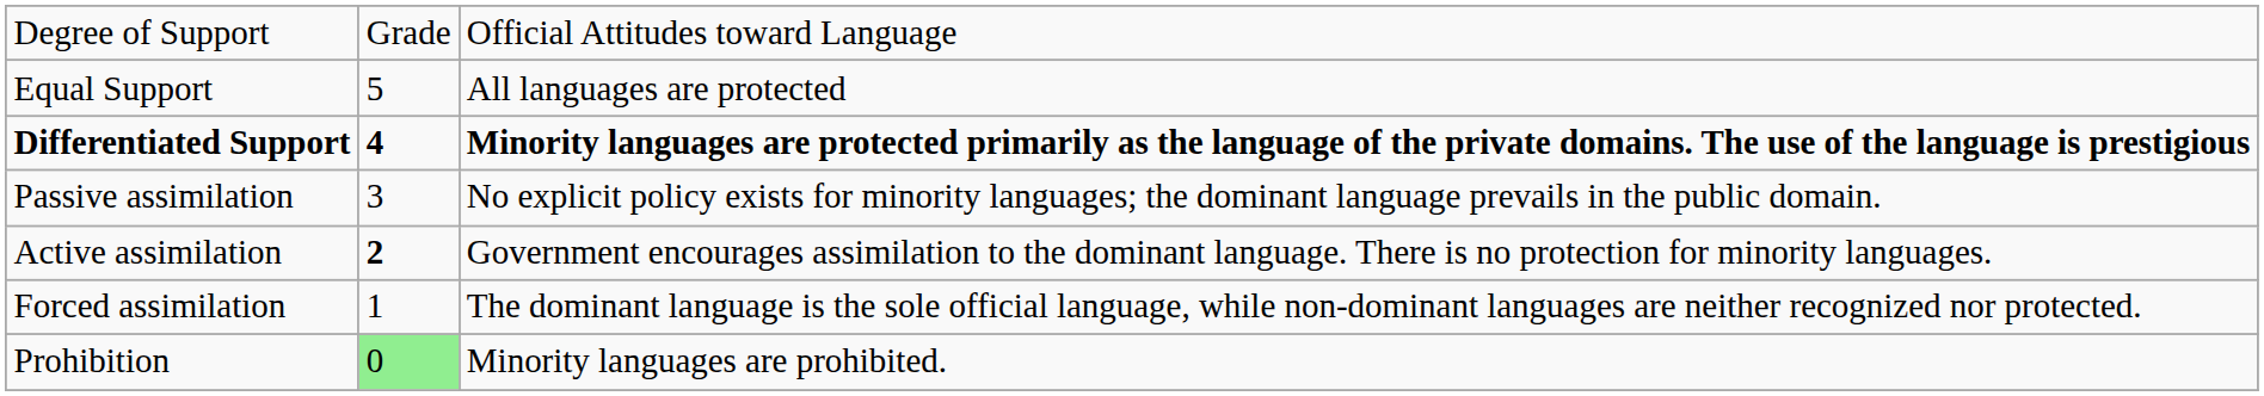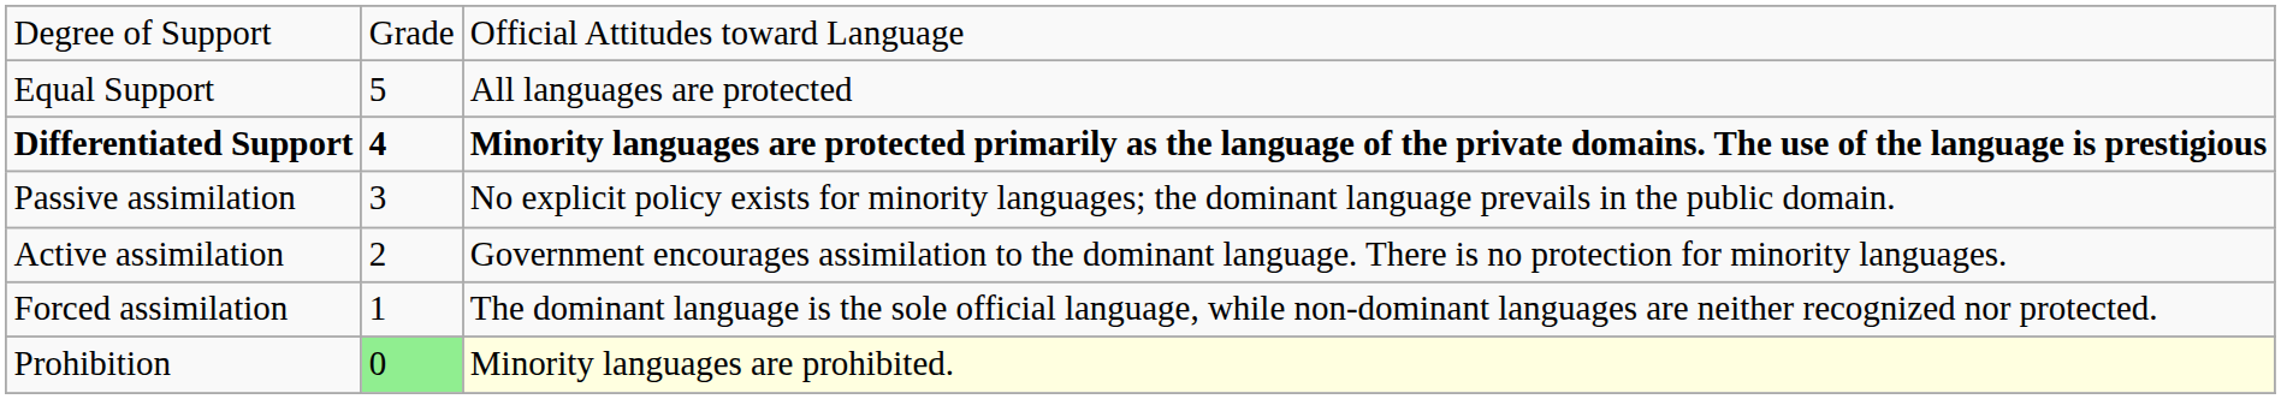 <table class="wikitable">
 <tr>
 <td>Degree of Support</td>
 <td>Grade</td>
 <td>Official Attitudes toward Language</td>
 </tr>
 <tr>
 <td>Equal Support</td>
 <td>5</td>
 <td>All languages are protected</td>
 </tr>
 <tr>
 <td><strong>Differentiated Support</strong></td>
 <td><strong>4</strong></td>
 <td><strong>Minority languages are protected primarily as the language of the  private domains. The use of the language is prestigious</strong></td>
 </tr>
 <tr>
 <td>Passive assimilation</td>
 <td>3</td>
 <td>No explicit policy exists for  minority languages; the dominant language prevails in the public domain.</td>
 </tr>
 <tr>
 <td>Active assimilation</td>
-<td><strong>2</strong></td>
+<td>2</td>
 <td>Government encourages assimilation  to the dominant language. There is no protection for minority languages.</td>
 </tr>
 <tr>
 <td>Forced assimilation</td>
 <td>1</td>
 <td>The dominant language is the sole  official language, while non-dominant languages are neither recognized nor  protected.</td>
 </tr>
 <tr>
 <td>Prohibition</td>
 <td style="background: lightgreen;">0</td>
-<td>Minority languages are prohibited.</td>
+<td style="background: lightyellow;">Minority languages are prohibited.</td>
 </tr>
 </table>
